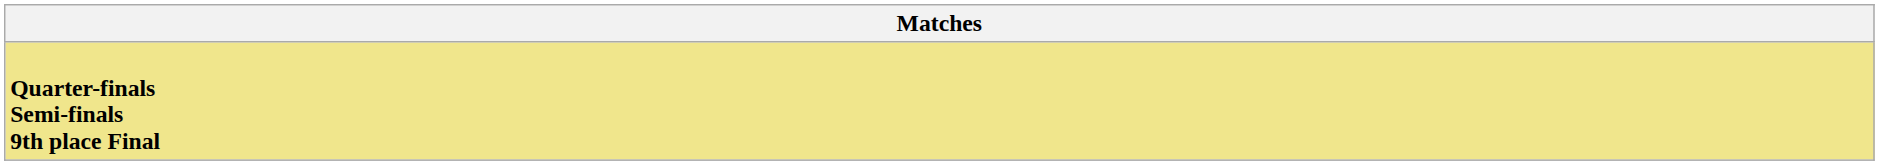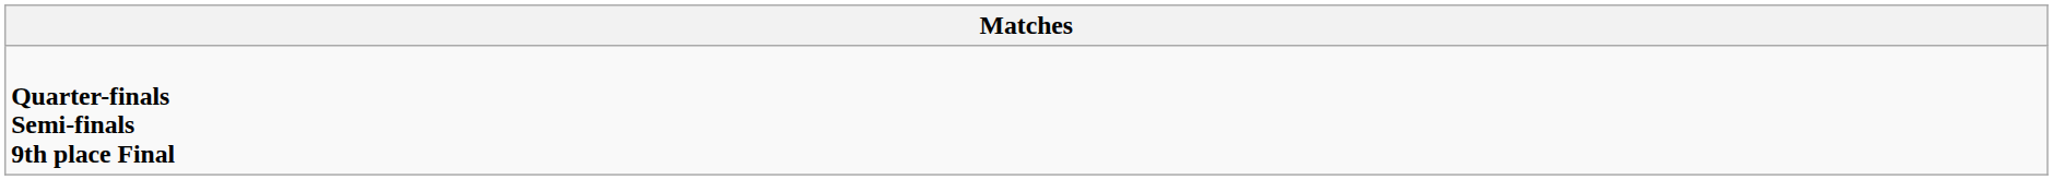 <table class="wikitable collapsible collapsed" style="width:100%;">
 <tr>
 <th>Matches</th>
 </tr>
 <tr>
-<td style="background: khaki;"><br><strong>Quarter-finals</strong>       <br><strong>Semi-finals</strong>   <br><strong>9th place Final</strong> </td>
+<td><br><strong>Quarter-finals</strong>       <br><strong>Semi-finals</strong>   <br><strong>9th place Final</strong> </td>
 </tr>
 </table>
